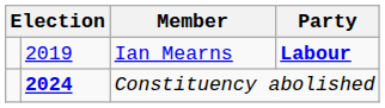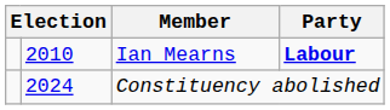 <table class="wikitable">
 <tr>
 <th colspan="2">Election</th>
 <th>Member</th>
 <th>Party</th>
 </tr>
 <tr>
 <td style="color:inherit;background-color: "></td>
-<td><a href='#'>2019</a></td>
+<td><a href='#'>2010</a></td>
 <td><a href='#'>Ian Mearns</a></td>
 <td><strong><a href='#'>Labour</a></strong></td>
 </tr>
 <tr>
 <td></td>
-<td><strong><a href='#'>2024</a></strong></td>
+<td><a href='#'>2024</a></td>
 <td colspan="2"><em>Constituency abolished</em></td>
 </tr>
 </table>
